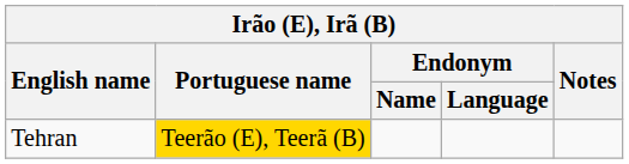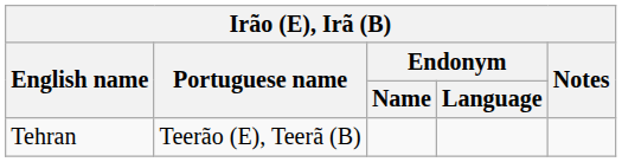 <table class="wikitable sortable">
 <tr>
 <th colspan="5"> Irão (E), Irã (B)</th>
 </tr>
 <tr>
 <th rowspan="2">English name</th>
 <th rowspan="2">Portuguese name</th>
 <th colspan="2">Endonym</th>
 <th rowspan="2">Notes</th>
 </tr>
 <tr>
 <th>Name</th>
 <th>Language</th>
 </tr>
 <tr>
 <td>Tehran</td>
-<td style="background: gold;">Teerão (E), Teerã (B)</td>
+<td>Teerão (E), Teerã (B)</td>
 <td></td>
 <td></td>
 <td></td>
 </tr>
 </table>
